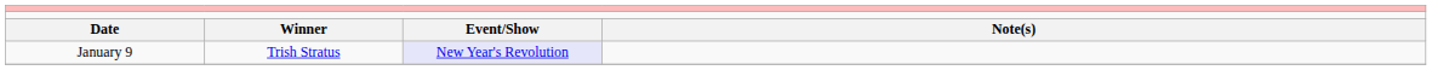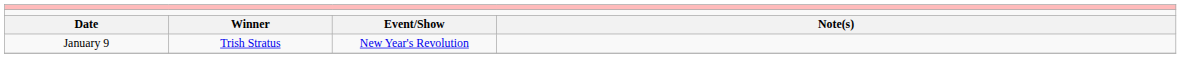 <table class="wikitable" style="text-align:center; width:100%;">
 <tr style="background:#FBB;">
 <td colspan="5"></td>
 </tr>
 <tr>
 <td colspan="5"><strong></strong></td>
 </tr>
 <tr>
 <th width=14%>Date</th>
 <th width=14%>Winner</th>
 <th width=14%>Event/Show</th>
 <th width=58%>Note(s)</th>
 </tr>
 <tr>
 <td>January 9</td>
 <td><a href='#'>Trish Stratus</a></td>
-<td style="background: lavender;"><a href='#'>New Year's Revolution</a></td>
+<td><a href='#'>New Year's Revolution</a></td>
 <td></td>
 </tr>
 <tr>
 </tr>
 </table>
